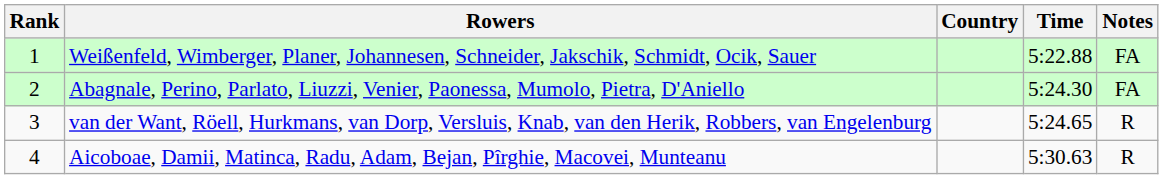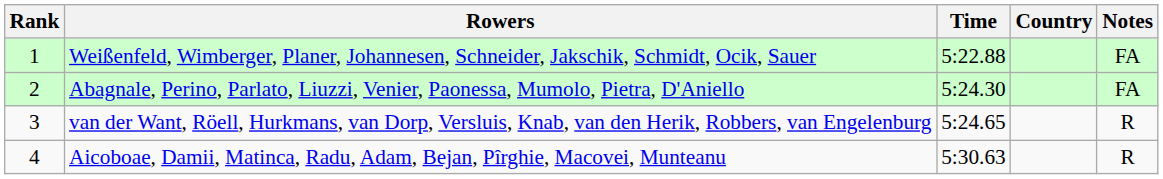 <table class="wikitable" style="text-align:center">
 <tr>
 <th>Rank</th>
 <th>Rowers</th>
+<th>Time</th>
 <th>Country</th>
-<th>Time</th>
 <th>Notes</th>
 </tr>
 <tr bgcolor=ccffcc>
 <td>1</td>
 <td align="left"><a href='#'>Weißenfeld</a>, <a href='#'>Wimberger</a>, <a href='#'>Planer</a>, <a href='#'>Johannesen</a>, <a href='#'>Schneider</a>, <a href='#'>Jakschik</a>, <a href='#'>Schmidt</a>, <a href='#'>Ocik</a>, <a href='#'>Sauer</a></td>
+<td>5:22.88</td>
 <td align="left"></td>
-<td>5:22.88</td>
 <td>FA</td>
 </tr>
 <tr bgcolor=ccffcc>
 <td>2</td>
 <td align="left"><a href='#'>Abagnale</a>, <a href='#'>Perino</a>, <a href='#'>Parlato</a>, <a href='#'>Liuzzi</a>, <a href='#'>Venier</a>, <a href='#'>Paonessa</a>, <a href='#'>Mumolo</a>, <a href='#'>Pietra</a>, <a href='#'>D'Aniello</a></td>
+<td>5:24.30</td>
 <td align="left"></td>
-<td>5:24.30</td>
 <td>FA</td>
 </tr>
 <tr>
 <td>3</td>
 <td align="left"><a href='#'>van der Want</a>, <a href='#'>Röell</a>, <a href='#'>Hurkmans</a>, <a href='#'>van Dorp</a>, <a href='#'>Versluis</a>, <a href='#'>Knab</a>, <a href='#'>van den Herik</a>, <a href='#'>Robbers</a>, <a href='#'>van Engelenburg</a></td>
+<td>5:24.65</td>
 <td align="left"></td>
-<td>5:24.65</td>
 <td>R</td>
 </tr>
 <tr>
 <td>4</td>
 <td align="left"><a href='#'>Aicoboae</a>, <a href='#'>Damii</a>, <a href='#'>Matinca</a>, <a href='#'>Radu</a>, <a href='#'>Adam</a>, <a href='#'>Bejan</a>, <a href='#'>Pîrghie</a>, <a href='#'>Macovei</a>, <a href='#'>Munteanu</a></td>
+<td>5:30.63</td>
 <td align="left"></td>
-<td>5:30.63</td>
 <td>R</td>
 </tr>
 </table>
